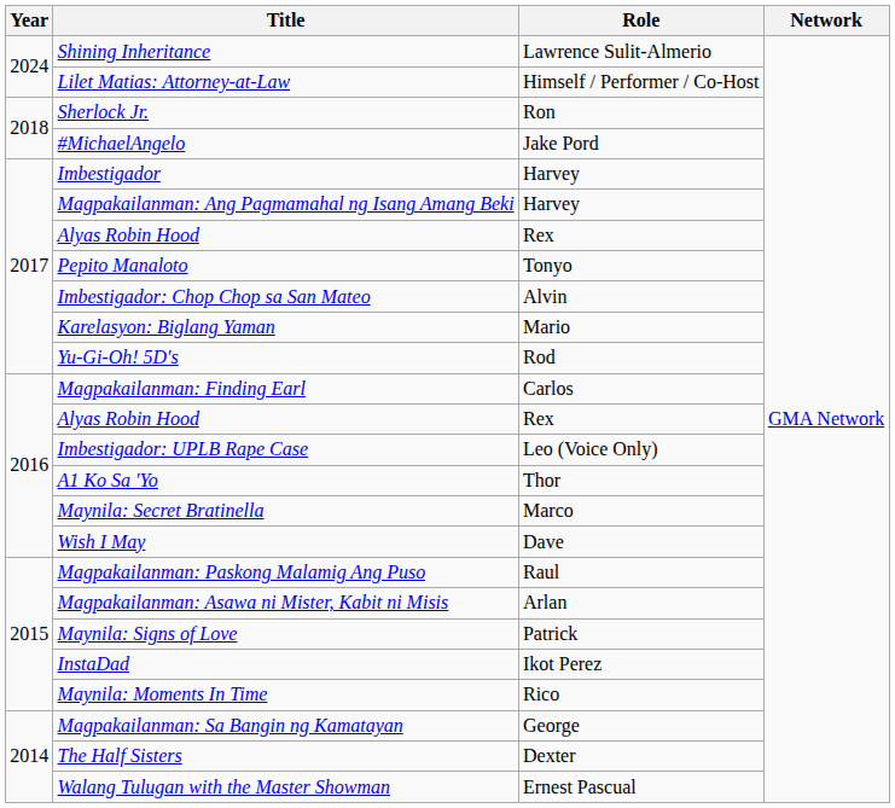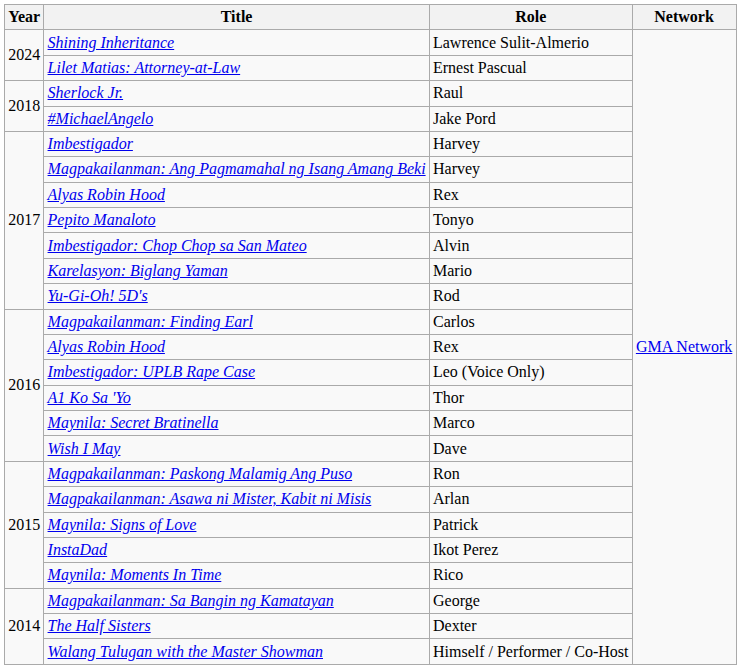 <table class="wikitable">
 <tr>
 <th>Year</th>
 <th>Title</th>
 <th>Role</th>
 <th>Network</th>
 </tr>
 <tr>
 <td rowspan="2">2024</td>
 <td><em><a href='#'>Shining Inheritance</a></em></td>
 <td>Lawrence Sulit-Almerio</td>
 <td rowspan="25"><a href='#'>GMA Network</a></td>
 </tr>
 <tr>
 <td><em><a href='#'>Lilet Matias: Attorney-at-Law</a></em></td>
-<td>Himself / Performer / Co-Host</td>
+<td>Ernest Pascual</td>
 </tr>
 <tr>
 <td rowspan="2">2018</td>
 <td><em><a href='#'>Sherlock Jr.</a></em></td>
-<td>Ron</td>
+<td>Raul</td>
 </tr>
 <tr>
 <td><em><a href='#'>#MichaelAngelo</a></em></td>
 <td>Jake Pord</td>
 </tr>
 <tr>
 <td rowspan="7">2017</td>
 <td><em><a href='#'>Imbestigador</a></em></td>
 <td>Harvey</td>
 </tr>
 <tr>
 <td><em><a href='#'>Magpakailanman: Ang Pagmamahal ng Isang Amang Beki</a></em></td>
 <td>Harvey</td>
 </tr>
 <tr>
 <td><em><a href='#'>Alyas Robin Hood</a></em></td>
 <td>Rex</td>
 </tr>
 <tr>
 <td><em><a href='#'>Pepito Manaloto</a></em></td>
 <td>Tonyo</td>
 </tr>
 <tr>
 <td><em><a href='#'>Imbestigador: Chop Chop sa San Mateo</a></em></td>
 <td>Alvin</td>
 </tr>
 <tr>
 <td><em><a href='#'>Karelasyon: Biglang Yaman</a></em></td>
 <td>Mario</td>
 </tr>
 <tr>
 <td><em><a href='#'>Yu-Gi-Oh! 5D's</a></em></td>
 <td>Rod</td>
 </tr>
 <tr>
 <td rowspan=6>2016</td>
 <td><em><a href='#'>Magpakailanman: Finding Earl</a></em></td>
 <td>Carlos</td>
 </tr>
 <tr>
 <td><em><a href='#'>Alyas Robin Hood</a></em></td>
 <td>Rex</td>
 </tr>
 <tr>
 <td><em><a href='#'>Imbestigador: UPLB Rape Case</a></em></td>
 <td>Leo (Voice Only)</td>
 </tr>
 <tr>
 <td><em><a href='#'>A1 Ko Sa 'Yo</a></em></td>
 <td>Thor</td>
 </tr>
 <tr>
 <td><em><a href='#'>Maynila: Secret Bratinella</a></em></td>
 <td>Marco</td>
 </tr>
 <tr>
 <td><em><a href='#'>Wish I May</a></em></td>
 <td>Dave</td>
 </tr>
 <tr>
 <td rowspan="5">2015</td>
 <td><em><a href='#'>Magpakailanman: Paskong Malamig Ang Puso</a></em></td>
-<td>Raul</td>
+<td>Ron</td>
 </tr>
 <tr>
 <td><em><a href='#'>Magpakailanman: Asawa ni Mister, Kabit ni Misis</a></em></td>
 <td>Arlan</td>
 </tr>
 <tr>
 <td><em><a href='#'>Maynila: Signs of Love</a></em></td>
 <td>Patrick</td>
 </tr>
 <tr>
 <td><em><a href='#'>InstaDad</a></em></td>
 <td>Ikot Perez</td>
 </tr>
 <tr>
 <td><em><a href='#'>Maynila: Moments In Time</a></em></td>
 <td>Rico</td>
 </tr>
 <tr>
 <td rowspan="3">2014</td>
 <td><em><a href='#'>Magpakailanman: Sa Bangin ng Kamatayan</a></em></td>
 <td>George</td>
 </tr>
 <tr>
 <td><em><a href='#'>The Half Sisters</a></em></td>
 <td>Dexter</td>
 </tr>
 <tr>
 <td><em><a href='#'>Walang Tulugan with the Master Showman</a></em></td>
-<td>Ernest Pascual</td>
+<td>Himself / Performer / Co-Host</td>
 </tr>
 <tr>
 </tr>
 </table>
